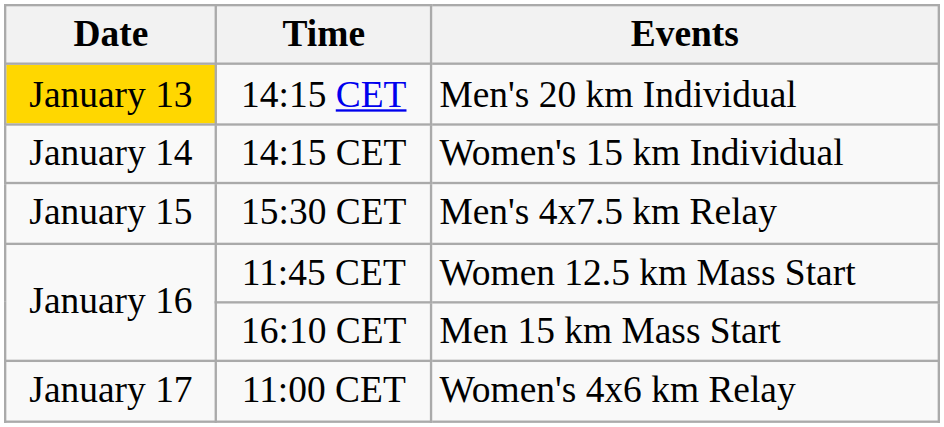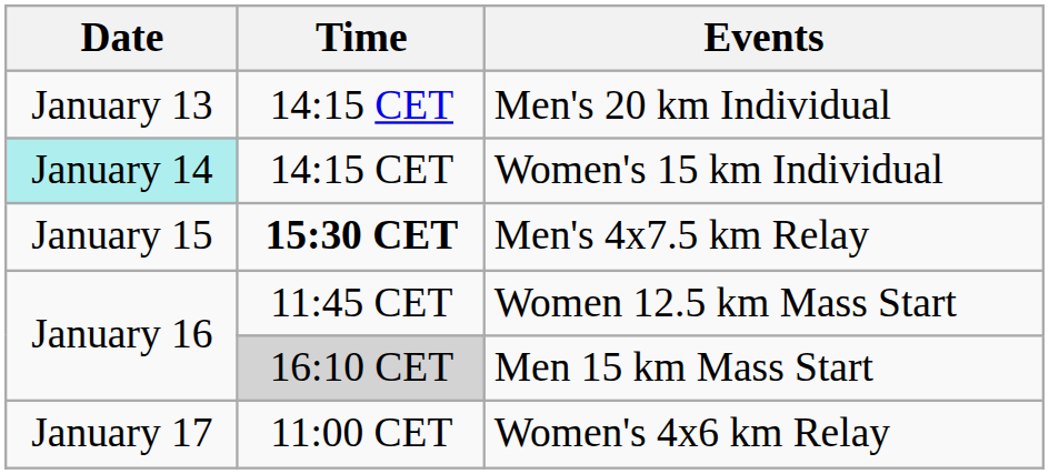 <table class="wikitable" style="text-align: center" width="400">
 <tr>
 <th>Date</th>
 <th>Time</th>
 <th>Events</th>
 </tr>
 <tr>
-<td style="background: gold;">January 13</td>
+<td>January 13</td>
 <td>14:15 <a href='#'>CET</a></td>
 <td style="text-align: left">Men's 20 km Individual</td>
 </tr>
 <tr>
-<td>January 14</td>
+<td style="background: paleturquoise;">January 14</td>
 <td>14:15 CET</td>
 <td style="text-align: left">Women's 15 km Individual</td>
 </tr>
 <tr>
 <td>January 15</td>
-<td>15:30 CET</td>
+<td><strong>15:30 CET</strong></td>
 <td style="text-align: left">Men's 4x7.5 km Relay</td>
 </tr>
 <tr>
 <td rowspan=2>January 16</td>
 <td>11:45 CET</td>
 <td style="text-align: left">Women 12.5 km Mass Start</td>
 </tr>
 <tr>
-<td>16:10 CET</td>
+<td style="background: lightgrey;">16:10 CET</td>
 <td style="text-align: left">Men 15 km Mass Start</td>
 </tr>
 <tr>
 <td>January 17</td>
 <td>11:00 CET</td>
 <td style="text-align: left">Women's 4x6 km Relay</td>
 </tr>
 </table>
